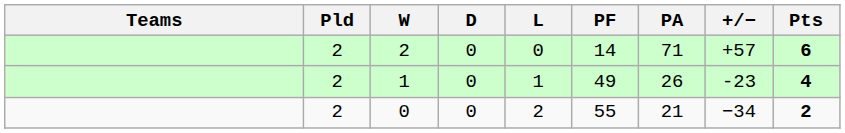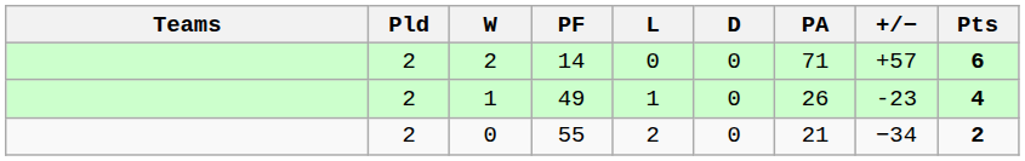 <table class="wikitable" style="text-align: center;">
 <tr>
 <th width="200">Teams</th>
 <th width="40">Pld</th>
 <th width="40">W</th>
+<th width="40">PF</th>
+<th width="40">L</th>
 <th width="40">D</th>
-<th width="40">L</th>
-<th width="40">PF</th>
 <th width="40">PA</th>
 <th width="40">+/−</th>
 <th width="40">Pts</th>
 </tr>
 <tr bgcolor=ccffcc>
 <td align=left></td>
 <td>2</td>
 <td>2</td>
+<td>14</td>
 <td>0</td>
 <td>0</td>
-<td>14</td>
 <td>71</td>
 <td>+57</td>
 <td><strong>6</strong></td>
 </tr>
 <tr bgcolor=ccffcc>
 <td align=left></td>
 <td>2</td>
 <td>1</td>
+<td>49</td>
+<td>1</td>
 <td>0</td>
-<td>1</td>
-<td>49</td>
 <td>26</td>
 <td>-23</td>
 <td><strong>4</strong></td>
 </tr>
 <tr>
 <td align=left></td>
 <td>2</td>
 <td>0</td>
+<td>55</td>
+<td>2</td>
 <td>0</td>
-<td>2</td>
-<td>55</td>
 <td>21</td>
 <td>−34</td>
 <td><strong>2</strong></td>
 </tr>
 </table>
